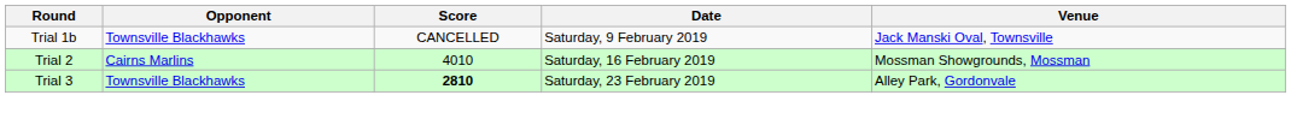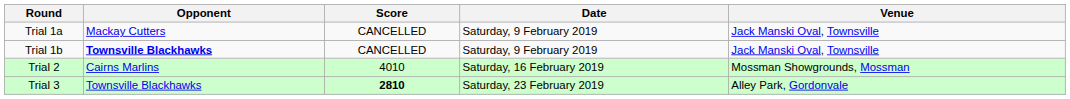 <table class="wikitable" style="font-size:85%; bgcolor:#d6d6d6; width:100%;">
 <tr>
 <th width="">Round</th>
 <th width="">Opponent</th>
 <th width="">Score</th>
 <th width="">Date</th>
 <th width="">Venue</th>
 </tr>
 <tr bgcolor=>
+<td style="text-align:center;">Trial 1a</td>
+<td> <a href='#'>Mackay Cutters</a></td>
+<td style="text-align:center;">CANCELLED</td>
+<td>Saturday, 9 February 2019</td>
+<td><a href='#'>Jack Manski Oval</a>, <a href='#'>Townsville</a></td>
+</tr>
+<tr bgcolor=>
 <td style="text-align:center;">Trial 1b</td>
-<td> <a href='#'>Townsville Blackhawks</a></td>
+<td><strong> <a href='#'>Townsville Blackhawks</a></strong></td>
 <td style="text-align:center;">CANCELLED</td>
 <td>Saturday, 9 February 2019</td>
 <td><a href='#'>Jack Manski Oval</a>, <a href='#'>Townsville</a></td>
 </tr>
 <tr bgcolor=#CCFFCC>
 <td style="text-align:center;">Trial 2</td>
 <td> <a href='#'>Cairns Marlins</a></td>
 <td style="text-align:center;">4010</td>
 <td>Saturday, 16 February 2019</td>
 <td>Mossman Showgrounds, <a href='#'>Mossman</a></td>
 </tr>
 <tr bgcolor=#CCFFCC>
 <td style="text-align:center;">Trial 3</td>
 <td> <a href='#'>Townsville Blackhawks</a></td>
 <td style="text-align:center;"><strong>2810</strong></td>
 <td>Saturday, 23 February 2019</td>
 <td>Alley Park, <a href='#'>Gordonvale</a></td>
 </tr>
 </table>
